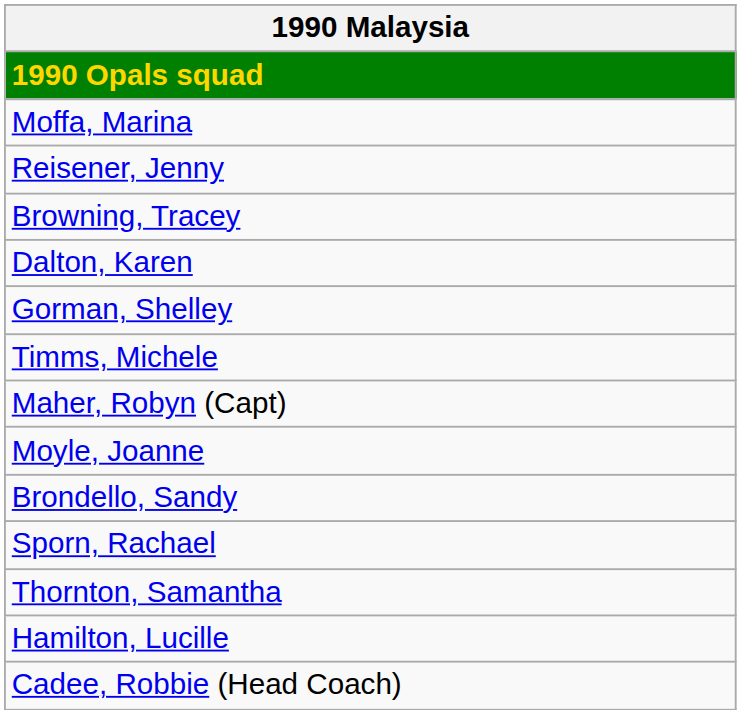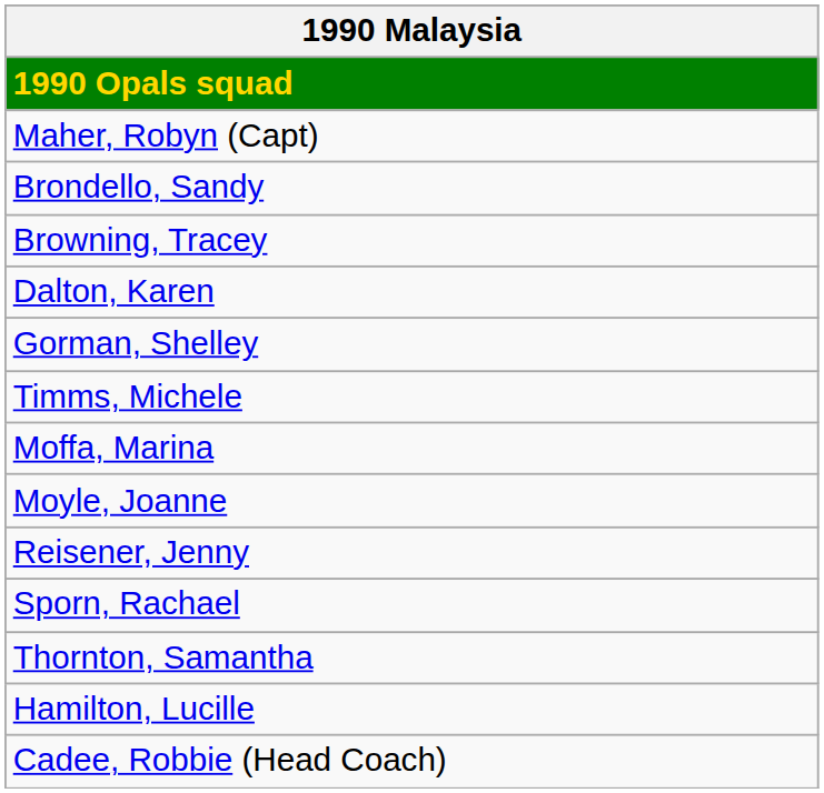 <table class="wikitable collapsible autocollapse" width=25%>
 <tr>
 <th>1990 Malaysia</th>
 </tr>
 <tr>
 <td bgcolor=green style="color:gold; width:200px"><strong>1990 Opals squad</strong></td>
 </tr>
 <tr>
-<td><a href='#'>Moffa, Marina</a></td>
+<td><a href='#'>Maher, Robyn</a> (Capt)</td>
 </tr>
 <tr>
-<td><a href='#'>Reisener, Jenny</a></td>
+<td><a href='#'>Brondello, Sandy</a></td>
 </tr>
 <tr>
 <td><a href='#'>Browning, Tracey</a></td>
 </tr>
 <tr>
 <td><a href='#'>Dalton, Karen</a></td>
 </tr>
 <tr>
 <td><a href='#'>Gorman, Shelley</a></td>
 </tr>
 <tr>
 <td><a href='#'>Timms, Michele</a></td>
 </tr>
 <tr>
-<td><a href='#'>Maher, Robyn</a> (Capt)</td>
+<td><a href='#'>Moffa, Marina</a></td>
 </tr>
 <tr>
 <td><a href='#'>Moyle, Joanne</a></td>
 </tr>
 <tr>
-<td><a href='#'>Brondello, Sandy</a></td>
+<td><a href='#'>Reisener, Jenny</a></td>
 </tr>
 <tr>
 <td><a href='#'>Sporn, Rachael</a></td>
 </tr>
 <tr>
 <td><a href='#'>Thornton, Samantha</a></td>
 </tr>
 <tr>
 <td><a href='#'>Hamilton, Lucille</a></td>
 </tr>
 <tr>
 <td><a href='#'>Cadee, Robbie</a> (Head Coach)</td>
 </tr>
 </table>
